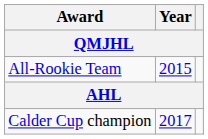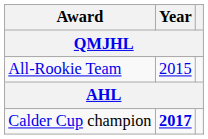 <table class="wikitable">
 <tr>
 <th>Award</th>
 <th>Year</th>
 <th></th>
 </tr>
 <tr>
 <th colspan="3"><a href='#'>QMJHL</a></th>
 </tr>
 <tr>
 <td><a href='#'>All-Rookie Team</a></td>
 <td><a href='#'>2015</a></td>
 <td></td>
 </tr>
 <tr>
 <th colspan="3"><a href='#'>AHL</a></th>
 </tr>
 <tr>
 <td><a href='#'>Calder Cup</a> champion</td>
-<td><a href='#'>2017</a></td>
+<td><strong><a href='#'>2017</a></strong></td>
 <td></td>
 </tr>
 </table>
